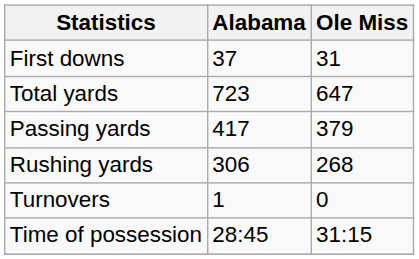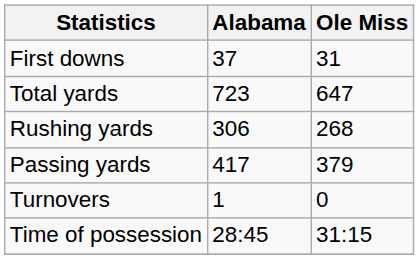 <table class="wikitable" style="float: left;">
 <tr>
 <th>Statistics</th>
 <th>Alabama</th>
 <th>Ole Miss</th>
 </tr>
 <tr>
 <td>First downs</td>
 <td>37</td>
 <td>31</td>
 </tr>
 <tr>
 <td>Total yards</td>
 <td>723</td>
 <td>647</td>
 </tr>
 <tr>
+<td>Rushing yards</td>
+<td>306</td>
+<td>268</td>
+</tr>
+<tr>
 <td>Passing yards</td>
 <td>417</td>
 <td>379</td>
-</tr>
-<tr>
-<td>Rushing yards</td>
-<td>306</td>
-<td>268</td>
 </tr>
 <tr>
 <td>Turnovers</td>
 <td>1</td>
 <td>0</td>
 </tr>
 <tr>
 <td>Time of possession</td>
 <td>28:45</td>
 <td>31:15</td>
 </tr>
 <tr>
 </tr>
 </table>
